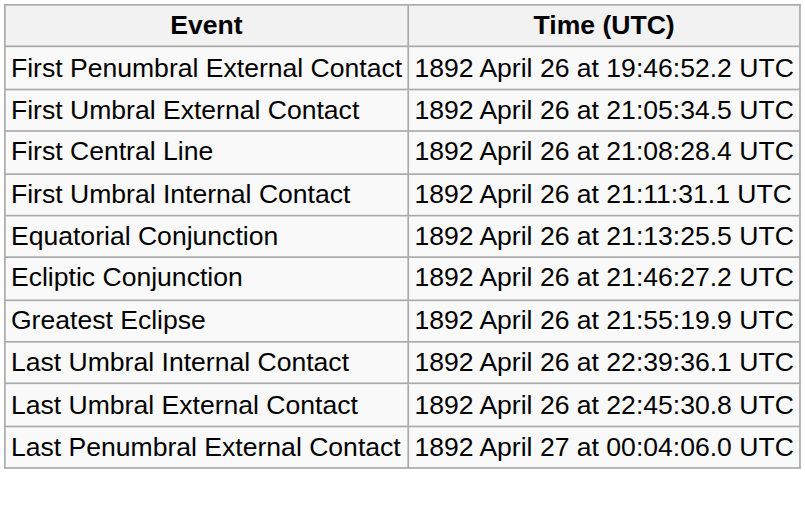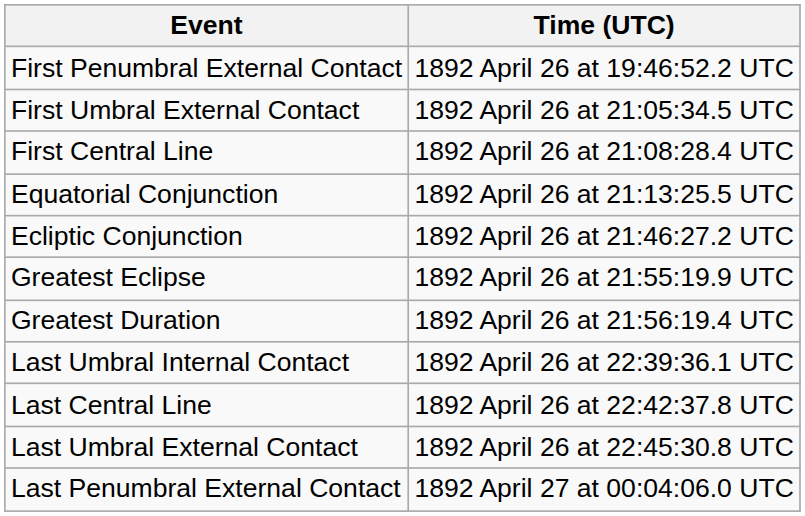 <table class="wikitable">
 <tr>
 <th>Event</th>
 <th>Time (UTC)</th>
 </tr>
 <tr>
 <td>First Penumbral External Contact</td>
 <td>1892 April 26 at 19:46:52.2 UTC</td>
 </tr>
 <tr>
 <td>First Umbral External Contact</td>
 <td>1892 April 26 at 21:05:34.5 UTC</td>
 </tr>
 <tr>
 <td>First Central Line</td>
 <td>1892 April 26 at 21:08:28.4 UTC</td>
 </tr>
 <tr>
-<td>First Umbral Internal Contact</td>
-<td>1892 April 26 at 21:11:31.1 UTC</td>
-</tr>
-<tr>
 <td>Equatorial Conjunction</td>
 <td>1892 April 26 at 21:13:25.5 UTC</td>
 </tr>
 <tr>
 <td>Ecliptic Conjunction</td>
 <td>1892 April 26 at 21:46:27.2 UTC</td>
 </tr>
 <tr>
 <td>Greatest Eclipse</td>
 <td>1892 April 26 at 21:55:19.9 UTC</td>
 </tr>
 <tr>
+<td>Greatest Duration</td>
+<td>1892 April 26 at 21:56:19.4 UTC</td>
+</tr>
+<tr>
 <td>Last Umbral Internal Contact</td>
 <td>1892 April 26 at 22:39:36.1 UTC</td>
+</tr>
+<tr>
+<td>Last Central Line</td>
+<td>1892 April 26 at 22:42:37.8 UTC</td>
 </tr>
 <tr>
 <td>Last Umbral External Contact</td>
 <td>1892 April 26 at 22:45:30.8 UTC</td>
 </tr>
 <tr>
 <td>Last Penumbral External Contact</td>
 <td>1892 April 27 at 00:04:06.0 UTC</td>
 </tr>
 </table>
